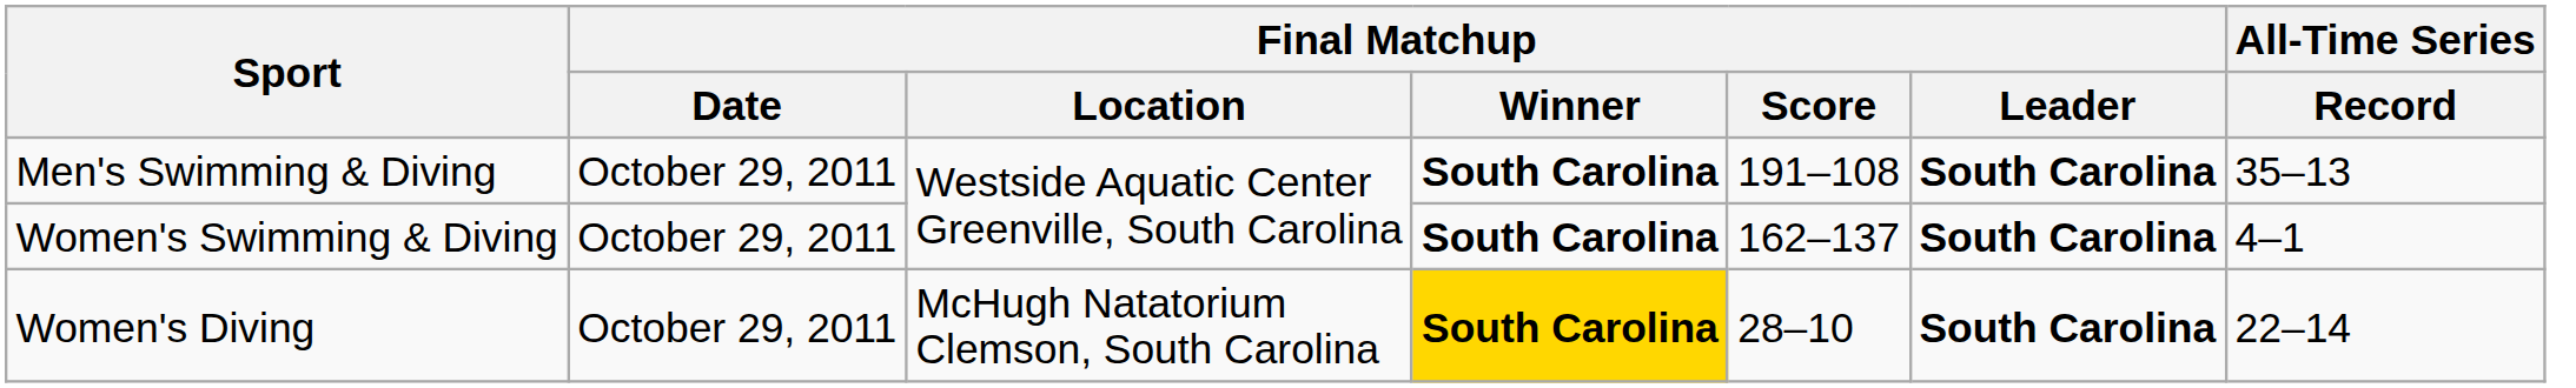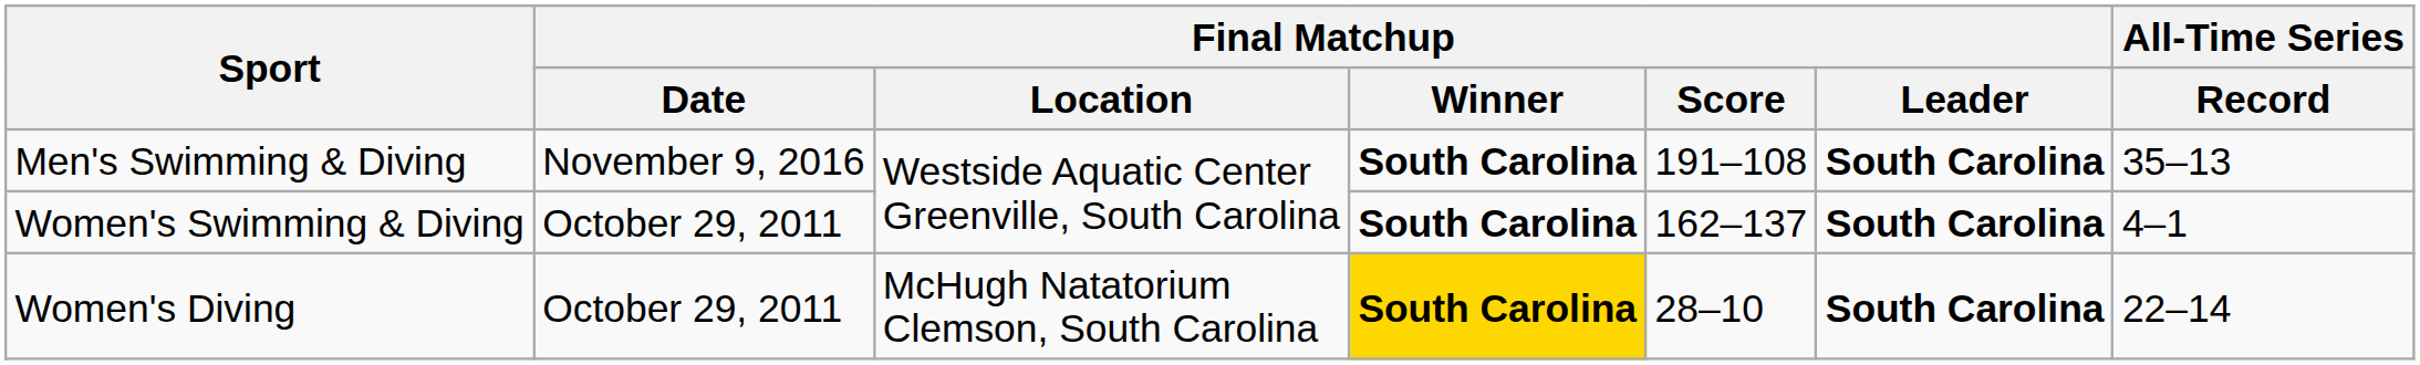 <table class="wikitable" style="text-align:left; font-size: 95%;">
 <tr>
 <th rowspan=2>Sport</th>
 <th colspan=5>Final Matchup</th>
 <th colspan=2>All-Time Series</th>
 </tr>
 <tr>
 <th>Date</th>
 <th>Location</th>
 <th>Winner</th>
 <th>Score</th>
 <th>Leader</th>
 <th>Record</th>
 </tr>
 <tr>
 <td>Men's Swimming & Diving</td>
-<td>October 29, 2011</td>
+<td>November 9, 2016</td>
 <td rowspan=2>Westside Aquatic Center<br>Greenville, South Carolina</td>
 <td><strong>South Carolina</strong></td>
 <td>191–108</td>
 <td><strong>South Carolina</strong></td>
 <td>35–13</td>
 </tr>
 <tr>
 <td>Women's Swimming & Diving</td>
 <td>October 29, 2011</td>
 <td><strong>South Carolina</strong></td>
 <td>162–137</td>
 <td><strong>South Carolina</strong></td>
 <td>4–1</td>
 </tr>
 <tr>
 <td>Women's Diving</td>
 <td>October 29, 2011</td>
 <td>McHugh Natatorium<br>Clemson, South Carolina</td>
 <td style="background: gold;"><strong>South Carolina</strong></td>
 <td>28–10</td>
 <td><strong>South Carolina</strong></td>
 <td>22–14</td>
 </tr>
 </table>
